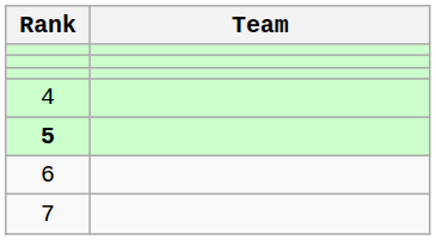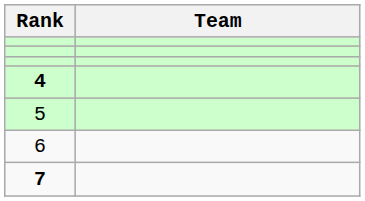 <table class="wikitable" style="text-align: center;">
 <tr>
 <th width=40>Rank</th>
 <th width=180>Team</th>
 </tr>
 <tr bgcolor="#ccffcc">
 <td></td>
 <td align="left"></td>
 </tr>
 <tr bgcolor="#ccffcc">
 <td></td>
 <td align="left"></td>
 </tr>
 <tr bgcolor="#ccffcc">
 <td></td>
 <td align="left"></td>
 </tr>
 <tr bgcolor="#ccffcc">
-<td>4</td>
+<td><strong>4</strong></td>
 <td align="left"></td>
 </tr>
 <tr bgcolor="#ccffcc">
-<td><strong>5</strong></td>
+<td>5</td>
 <td align="left"></td>
 </tr>
 <tr>
 <td>6</td>
 <td align="left"></td>
 </tr>
 <tr>
-<td>7</td>
+<td><strong>7</strong></td>
 <td align="left"></td>
 </tr>
 </table>
